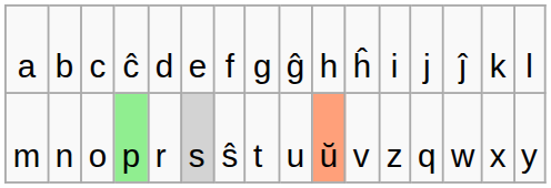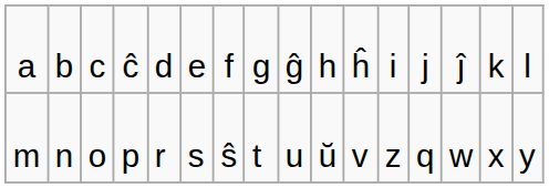 <table class="wikitable floatright">
 <tr align=center>
 <td><br>a</td>
 <td><br>b</td>
 <td><br>c</td>
 <td><br>ĉ</td>
 <td><br>d</td>
 <td><br>e</td>
 <td><br>f</td>
 <td><br>g</td>
 <td><br>ĝ</td>
 <td><br>h</td>
 <td><br>ĥ</td>
 <td><br>i</td>
 <td><br>j</td>
 <td><br>ĵ</td>
 <td><br>k</td>
 <td><br>l</td>
 </tr>
 <tr>
 <td><br>m</td>
 <td><br>n</td>
 <td><br>o</td>
-<td style="background: lightgreen;"><br>p</td>
+<td><br>p</td>
 <td><br>r</td>
-<td style="background: lightgrey;"><br>s</td>
+<td><br>s</td>
 <td><br>ŝ</td>
 <td><br>t</td>
 <td><br>u</td>
-<td style="background: lightsalmon;"><br>ŭ</td>
+<td><br>ŭ</td>
 <td><br>v</td>
 <td><br>z</td>
 <td><br>q</td>
 <td><br>w</td>
 <td><br>x</td>
 <td><br>y</td>
 </tr>
 </table>
